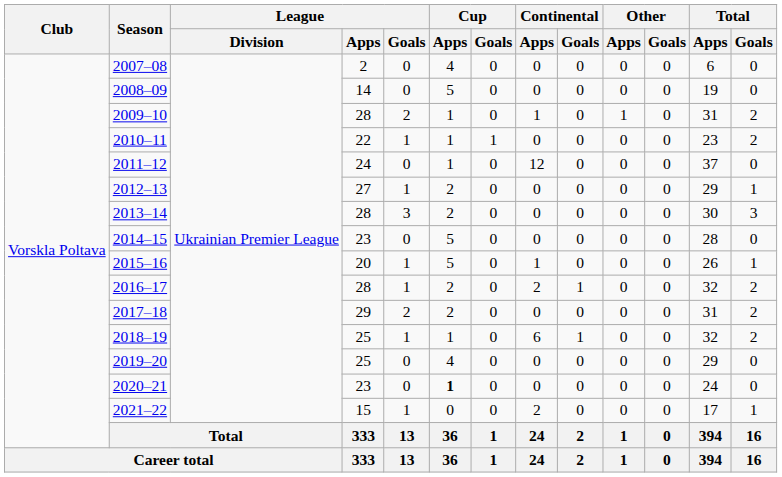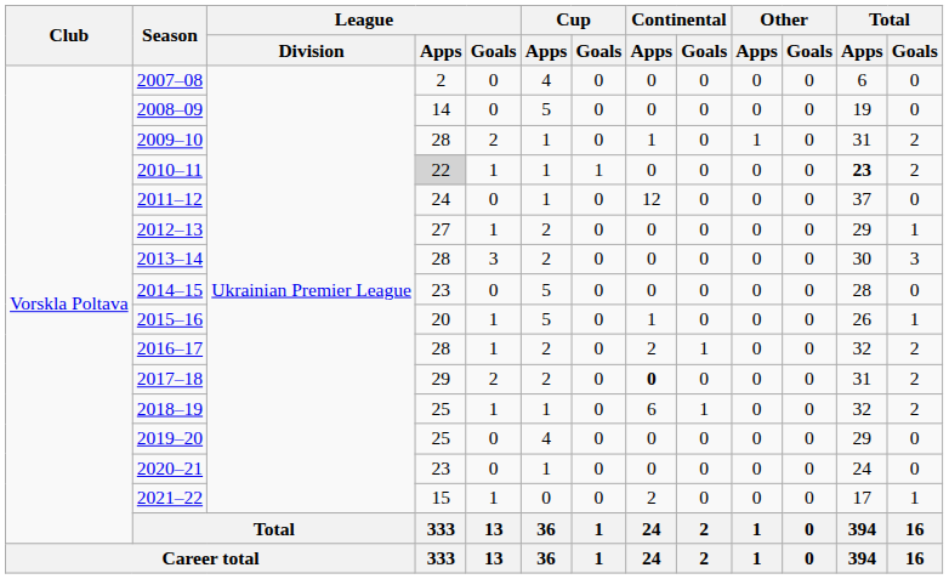 <table class="wikitable" style="text-align:center">
 <tr>
 <th rowspan="2">Club</th>
 <th rowspan="2">Season</th>
 <th colspan="3">League</th>
 <th colspan="2">Cup</th>
 <th colspan="2">Continental</th>
 <th colspan="2">Other</th>
 <th colspan="2">Total</th>
 </tr>
 <tr>
 <th>Division</th>
 <th>Apps</th>
 <th>Goals</th>
 <th>Apps</th>
 <th>Goals</th>
 <th>Apps</th>
 <th>Goals</th>
 <th>Apps</th>
 <th>Goals</th>
 <th>Apps</th>
 <th>Goals</th>
 </tr>
 <tr>
 <td rowspan="16"><a href='#'>Vorskla Poltava</a></td>
 <td><a href='#'>2007–08</a></td>
 <td rowspan="15"><a href='#'>Ukrainian Premier League</a></td>
 <td>2</td>
 <td>0</td>
 <td>4</td>
 <td>0</td>
 <td>0</td>
 <td>0</td>
 <td>0</td>
 <td>0</td>
 <td>6</td>
 <td>0</td>
 </tr>
 <tr>
 <td><a href='#'>2008–09</a></td>
 <td>14</td>
 <td>0</td>
 <td>5</td>
 <td>0</td>
 <td>0</td>
 <td>0</td>
 <td>0</td>
 <td>0</td>
 <td>19</td>
 <td>0</td>
 </tr>
 <tr>
 <td><a href='#'>2009–10</a></td>
 <td>28</td>
 <td>2</td>
 <td>1</td>
 <td>0</td>
 <td>1</td>
 <td>0</td>
 <td>1</td>
 <td>0</td>
 <td>31</td>
 <td>2</td>
 </tr>
 <tr>
 <td><a href='#'>2010–11</a></td>
-<td>22</td>
+<td style="background: lightgrey;">22</td>
 <td>1</td>
 <td>1</td>
 <td>1</td>
 <td>0</td>
 <td>0</td>
 <td>0</td>
 <td>0</td>
-<td>23</td>
+<td><strong>23</strong></td>
 <td>2</td>
 </tr>
 <tr>
 <td><a href='#'>2011–12</a></td>
 <td>24</td>
 <td>0</td>
 <td>1</td>
 <td>0</td>
 <td>12</td>
 <td>0</td>
 <td>0</td>
 <td>0</td>
 <td>37</td>
 <td>0</td>
 </tr>
 <tr>
 <td><a href='#'>2012–13</a></td>
 <td>27</td>
 <td>1</td>
 <td>2</td>
 <td>0</td>
 <td>0</td>
 <td>0</td>
 <td>0</td>
 <td>0</td>
 <td>29</td>
 <td>1</td>
 </tr>
 <tr>
 <td><a href='#'>2013–14</a></td>
 <td>28</td>
 <td>3</td>
 <td>2</td>
 <td>0</td>
 <td>0</td>
 <td>0</td>
 <td>0</td>
 <td>0</td>
 <td>30</td>
 <td>3</td>
 </tr>
 <tr>
 <td><a href='#'>2014–15</a></td>
 <td>23</td>
 <td>0</td>
 <td>5</td>
 <td>0</td>
 <td>0</td>
 <td>0</td>
 <td>0</td>
 <td>0</td>
 <td>28</td>
 <td>0</td>
 </tr>
 <tr>
 <td><a href='#'>2015–16</a></td>
 <td>20</td>
 <td>1</td>
 <td>5</td>
 <td>0</td>
 <td>1</td>
 <td>0</td>
 <td>0</td>
 <td>0</td>
 <td>26</td>
 <td>1</td>
 </tr>
 <tr>
 <td><a href='#'>2016–17</a></td>
 <td>28</td>
 <td>1</td>
 <td>2</td>
 <td>0</td>
 <td>2</td>
 <td>1</td>
 <td>0</td>
 <td>0</td>
 <td>32</td>
 <td>2</td>
 </tr>
 <tr>
 <td><a href='#'>2017–18</a></td>
 <td>29</td>
 <td>2</td>
 <td>2</td>
 <td>0</td>
-<td>0</td>
+<td><strong>0</strong></td>
 <td>0</td>
 <td>0</td>
 <td>0</td>
 <td>31</td>
 <td>2</td>
 </tr>
 <tr>
 <td><a href='#'>2018–19</a></td>
 <td>25</td>
 <td>1</td>
 <td>1</td>
 <td>0</td>
 <td>6</td>
 <td>1</td>
 <td>0</td>
 <td>0</td>
 <td>32</td>
 <td>2</td>
 </tr>
 <tr>
 <td><a href='#'>2019–20</a></td>
 <td>25</td>
 <td>0</td>
 <td>4</td>
 <td>0</td>
 <td>0</td>
 <td>0</td>
 <td>0</td>
 <td>0</td>
 <td>29</td>
 <td>0</td>
 </tr>
 <tr>
 <td><a href='#'>2020–21</a></td>
 <td>23</td>
 <td>0</td>
-<td><strong>1</strong></td>
+<td>1</td>
 <td>0</td>
 <td>0</td>
 <td>0</td>
 <td>0</td>
 <td>0</td>
 <td>24</td>
 <td>0</td>
 </tr>
 <tr>
 <td><a href='#'>2021–22</a></td>
 <td>15</td>
 <td>1</td>
 <td>0</td>
 <td>0</td>
 <td>2</td>
 <td>0</td>
 <td>0</td>
 <td>0</td>
 <td>17</td>
 <td>1</td>
 </tr>
 <tr>
 <th colspan="2">Total</th>
 <th>333</th>
 <th>13</th>
 <th>36</th>
 <th>1</th>
 <th>24</th>
 <th>2</th>
 <th>1</th>
 <th>0</th>
 <th>394</th>
 <th>16</th>
 </tr>
 <tr>
 <th colspan="3">Career total</th>
 <th>333</th>
 <th>13</th>
 <th>36</th>
 <th>1</th>
 <th>24</th>
 <th>2</th>
 <th>1</th>
 <th>0</th>
 <th>394</th>
 <th>16</th>
 </tr>
 </table>
